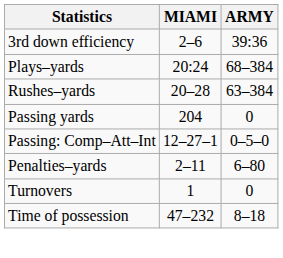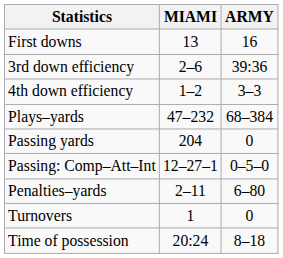 <table class="wikitable">
 <tr>
 <th>Statistics</th>
 <th>MIAMI</th>
 <th>ARMY</th>
 </tr>
 <tr>
+<td>First downs</td>
+<td align=center>13</td>
+<td align=center>16</td>
+</tr>
+<tr>
 <td>3rd down efficiency</td>
 <td align=center>2–6</td>
 <td align=center>39:36</td>
 </tr>
 <tr>
-<td>Plays–yards</td>
-<td align=center>20:24</td>
-<td align=center>68–384</td>
+<td>4th down efficiency</td>
+<td align=center>1–2</td>
+<td align=center>3–3</td>
 </tr>
 <tr>
-<td>Rushes–yards</td>
-<td align=center>20–28</td>
-<td align=center>63–384</td>
+<td>Plays–yards</td>
+<td align=center>47–232</td>
+<td align=center>68–384</td>
 </tr>
 <tr>
 <td>Passing yards</td>
 <td align=center>204</td>
 <td align=center>0</td>
 </tr>
 <tr>
 <td>Passing: Comp–Att–Int</td>
 <td align=center>12–27–1</td>
 <td align=center>0–5–0</td>
 </tr>
 <tr>
 <td>Penalties–yards</td>
 <td align=center>2–11</td>
 <td align=center>6–80</td>
 </tr>
 <tr>
 <td>Turnovers</td>
 <td align=center>1</td>
 <td align=center>0</td>
 </tr>
 <tr>
 <td>Time of possession</td>
-<td align=center>47–232</td>
+<td align=center>20:24</td>
 <td align=center>8–18</td>
 </tr>
 </table>
